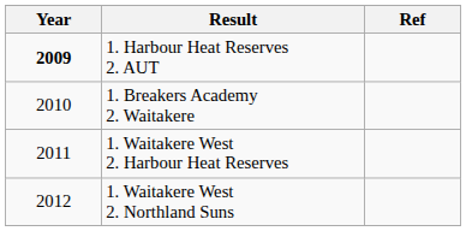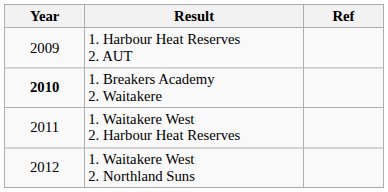 <table class="wikitable sortable">
 <tr bgcolor="#efefef">
 </tr>
 <tr font_color="#FFFFFF">
 <th style="width:80px">Year</th>
 <th style="width:230px">Result</th>
 <th style="width:80px">Ref</th>
 </tr>
 <tr>
-<td align=center><strong>2009</strong></td>
+<td align=center>2009</td>
 <td>1. Harbour Heat Reserves<br>2. AUT</td>
 <td align=center></td>
 </tr>
 <tr>
-<td align=center>2010</td>
+<td align=center><strong>2010</strong></td>
 <td>1. Breakers Academy<br>2. Waitakere</td>
 <td align=center></td>
 </tr>
 <tr>
 <td align=center>2011</td>
 <td>1. Waitakere West<br>2. Harbour Heat Reserves</td>
 <td align=center></td>
 </tr>
 <tr>
 <td align=center>2012</td>
 <td>1. Waitakere West<br>2. Northland Suns</td>
 <td align=center></td>
 </tr>
 <tr>
 </tr>
 </table>
